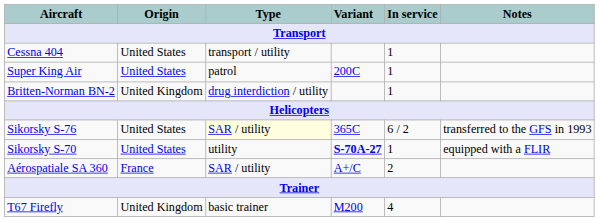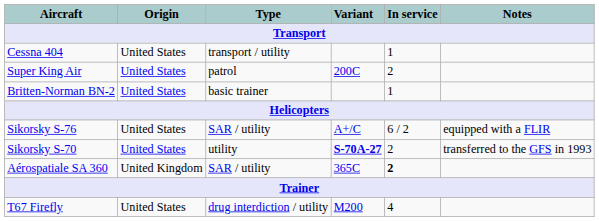 <table class="wikitable">
 <tr>
 <th style="text-align:center; background:#acc;">Aircraft</th>
 <th style="text-align: center; background:#acc;">Origin</th>
 <th style="text-align:l center; background:#acc;">Type</th>
 <th style="text-align:left; background:#acc;">Variant</th>
 <th style="text-align:center; background:#acc;">In service</th>
 <th style="text-align: center; background:#acc;">Notes</th>
 </tr>
 <tr>
 <th style="align: center; background: lavender;" colspan="7"><a href='#'>Transport</a></th>
 </tr>
 <tr>
 <td><a href='#'>Cessna 404</a></td>
 <td>United States</td>
 <td>transport / utility</td>
 <td></td>
 <td>1</td>
 <td></td>
 </tr>
 <tr>
 <td><a href='#'>Super King Air</a></td>
 <td><a href='#'>United States</a></td>
 <td>patrol</td>
 <td><a href='#'>200C</a></td>
-<td>1</td>
+<td>2</td>
 <td></td>
 </tr>
 <tr>
 <td><a href='#'>Britten-Norman BN-2</a></td>
-<td>United Kingdom</td>
-<td><a href='#'>drug interdiction</a> / utility</td>
+<td><a href='#'>United States</a></td>
+<td>basic trainer</td>
 <td></td>
 <td>1</td>
 <td></td>
 </tr>
 <tr>
 <th style="align: center; background: lavender;" colspan="7"><a href='#'>Helicopters</a></th>
 </tr>
 <tr>
 <td><a href='#'>Sikorsky S-76</a></td>
 <td>United States</td>
-<td style="background: lightyellow;"><a href='#'>SAR</a> / utility</td>
-<td><a href='#'>365C</a></td>
+<td><a href='#'>SAR</a> / utility</td>
+<td><a href='#'>A+/C</a></td>
 <td>6 / 2</td>
-<td>transferred to the <a href='#'>GFS</a> in 1993</td>
+<td>equipped with a <a href='#'>FLIR</a></td>
 </tr>
 <tr>
 <td><a href='#'>Sikorsky S-70</a></td>
 <td><a href='#'>United States</a></td>
 <td>utility</td>
 <td><strong><a href='#'>S-70A-27</a></strong></td>
-<td>1</td>
-<td>equipped with a <a href='#'>FLIR</a></td>
+<td>2</td>
+<td>transferred to the <a href='#'>GFS</a> in 1993</td>
 </tr>
 <tr>
 <td><a href='#'>Aérospatiale SA 360</a></td>
-<td><a href='#'>France</a></td>
+<td>United Kingdom</td>
 <td><a href='#'>SAR</a> / utility</td>
-<td><a href='#'>A+/C</a></td>
-<td>2</td>
+<td><a href='#'>365C</a></td>
+<td><strong>2</strong></td>
 <td></td>
 </tr>
 <tr>
 <th style="align: center; background: lavender;" colspan="7"><a href='#'>Trainer</a></th>
 </tr>
 <tr>
 <td><a href='#'>T67 Firefly</a></td>
-<td>United Kingdom</td>
-<td>basic trainer</td>
+<td>United States</td>
+<td><a href='#'>drug interdiction</a> / utility</td>
 <td><a href='#'>M200</a></td>
 <td>4</td>
 <td></td>
 </tr>
 </table>
